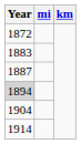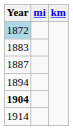 <table class="wikitable" style="margin:0; text-align:left;">
 <tr>
 <th>Year</th>
 <th><a href='#'>mi</a></th>
 <th><a href='#'>km</a></th>
 </tr>
 <tr>
-<td>1872</td>
+<td style="background: lightblue;">1872</td>
 <td></td>
 </tr>
 <tr>
 <td>1883</td>
 <td></td>
 </tr>
 <tr>
 <td>1887</td>
 <td></td>
 </tr>
 <tr>
-<td style="background: lightgrey;">1894</td>
+<td>1894</td>
 <td></td>
 </tr>
 <tr>
-<td>1904</td>
+<td><strong>1904</strong></td>
 <td></td>
 </tr>
 <tr>
 <td>1914</td>
 <td></td>
 </tr>
 </table>
